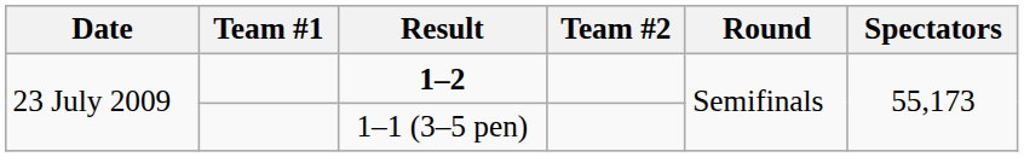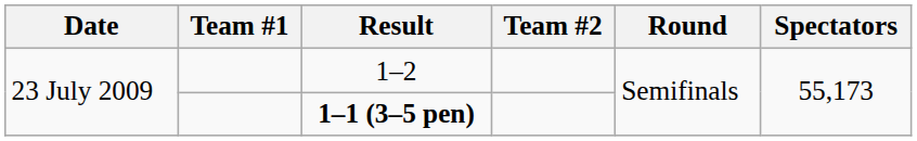 <table class="wikitable" style="text-align:left; width:60%;">
 <tr>
 <th style="text-align:center;">Date</th>
 <th style="text-align:center;">Team #1</th>
 <th style="text-align:center;">Result</th>
 <th style="text-align:center;">Team #2</th>
 <th style="text-align:center;">Round</th>
 <th style="text-align:center;">Spectators</th>
 </tr>
 <tr>
 <td rowspan=2>23 July 2009</td>
 <td></td>
-<td style="text-align:center;"><strong>1–2</strong></td>
+<td style="text-align:center;">1–2</td>
 <td><strong></strong></td>
 <td rowspan=2>Semifinals</td>
 <td rowspan=2 style="text-align:center;">55,173</td>
 </tr>
 <tr>
 <td></td>
-<td style="text-align:center;">1–1 (3–5 pen)</td>
+<td style="text-align:center;"><strong>1–1 (3–5 pen)</strong></td>
 <td><strong></strong></td>
 </tr>
 </table>
